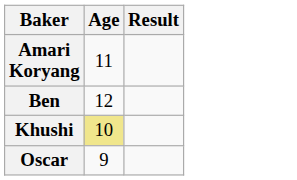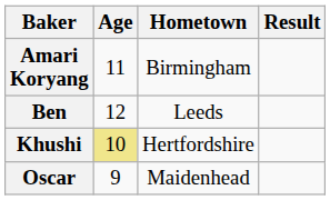 <table class="wikitable sortable" style="display:inline-table; text-align:center">
 <tr>
 <th scope="col">Baker</th>
 <th scope="col">Age</th>
+<th scope="col">Hometown</th>
 <th scope="col">Result</th>
 </tr>
 <tr>
 <th scope="row">Amari<br>Koryang</th>
 <td>11</td>
+<td>Birmingham</td>
 <td></td>
 </tr>
 <tr>
 <th scope="row">Ben</th>
 <td>12</td>
+<td>Leeds</td>
 <td></td>
 </tr>
 <tr>
 <th scope="row">Khushi</th>
 <td style="background: khaki;">10</td>
+<td>Hertfordshire</td>
 <td></td>
 </tr>
 <tr>
 <th scope="row">Oscar</th>
 <td>9</td>
+<td>Maidenhead</td>
 <td></td>
 </tr>
 </table>
